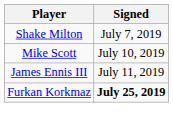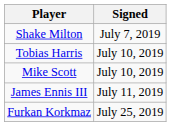 <table class="wikitable sortable sortable" style="text-align:center;">
 <tr>
 <th>Player</th>
 <th>Signed</th>
 </tr>
 <tr>
 <td><a href='#'>Shake Milton</a></td>
 <td>July 7, 2019</td>
+</tr>
+<tr>
+<td><a href='#'>Tobias Harris</a></td>
+<td>July 10, 2019</td>
 </tr>
 <tr>
 <td><a href='#'>Mike Scott</a></td>
 <td>July 10, 2019</td>
 </tr>
 <tr>
 <td><a href='#'>James Ennis III</a></td>
 <td>July 11, 2019</td>
 </tr>
 <tr>
 <td><a href='#'>Furkan Korkmaz</a></td>
-<td><strong>July 25, 2019</strong></td>
+<td>July 25, 2019</td>
 </tr>
 </table>
